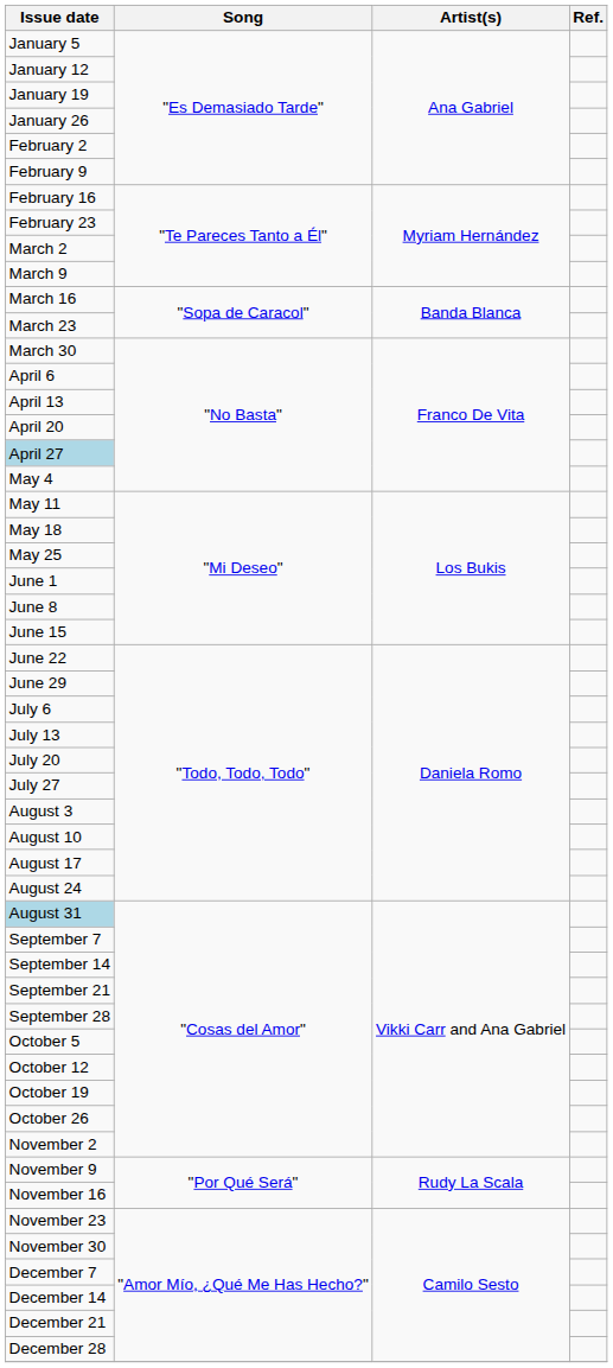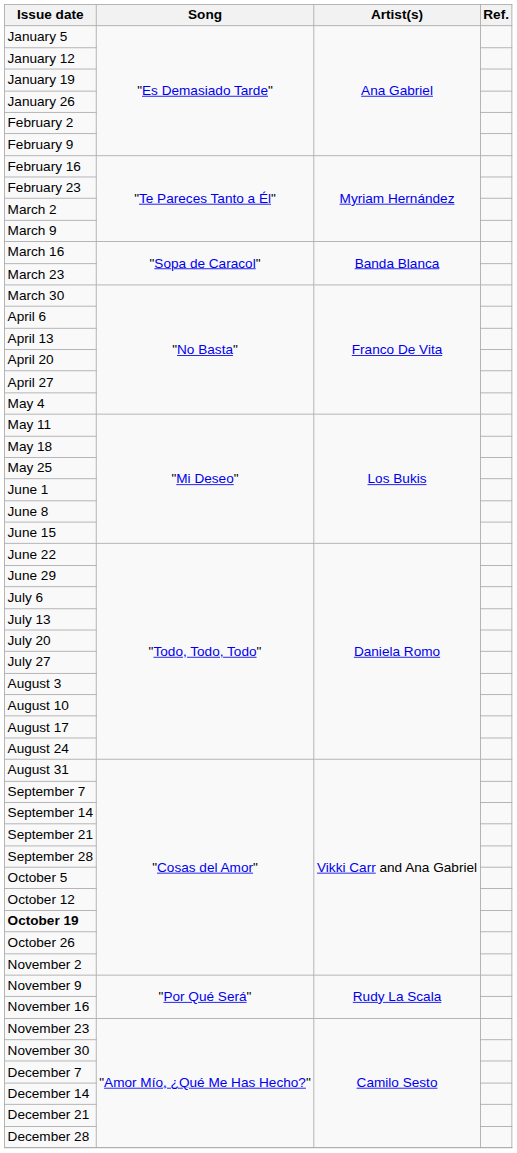 <table class="wikitable">
 <tr>
 <th style="text-align: center;">Issue date</th>
 <th style="text-align: center;">Song</th>
 <th style="text-align: center;">Artist(s)</th>
 <th style="text-align: center;">Ref.</th>
 </tr>
 <tr>
 <td>January 5</td>
 <td style="text-align: center;" rowspan="6">"<a href='#'>Es Demasiado Tarde</a>"</td>
 <td style="text-align: center;" rowspan="6"><a href='#'>Ana Gabriel</a></td>
 <td style="text-align: center;"></td>
 </tr>
 <tr>
 <td>January 12</td>
 <td style="text-align: center;"></td>
 </tr>
 <tr>
 <td>January 19</td>
 <td style="text-align: center;"></td>
 </tr>
 <tr>
 <td>January 26</td>
 <td style="text-align: center;"></td>
 </tr>
 <tr>
 <td>February 2</td>
 <td style="text-align: center;"></td>
 </tr>
 <tr>
 <td>February 9</td>
 <td style="text-align: center;"></td>
 </tr>
 <tr>
 <td>February 16</td>
 <td style="text-align: center;" rowspan="4">"<a href='#'>Te Pareces Tanto a Él</a>"</td>
 <td style="text-align: center;" rowspan="4"><a href='#'>Myriam Hernández</a></td>
 <td style="text-align: center;"></td>
 </tr>
 <tr>
 <td>February 23</td>
 <td style="text-align: center;"></td>
 </tr>
 <tr>
 <td>March 2</td>
 <td style="text-align: center;"></td>
 </tr>
 <tr>
 <td>March 9</td>
 <td style="text-align: center;"></td>
 </tr>
 <tr>
 <td>March 16</td>
 <td style="text-align: center;" rowspan="2">"<a href='#'>Sopa de Caracol</a>"</td>
 <td style="text-align: center;" rowspan="2"><a href='#'>Banda Blanca</a></td>
 <td style="text-align: center;"></td>
 </tr>
 <tr>
 <td>March 23</td>
 <td style="text-align: center;"></td>
 </tr>
 <tr>
 <td>March 30</td>
 <td style="text-align: center;" rowspan="6">"<a href='#'>No Basta</a>"</td>
 <td style="text-align: center;" rowspan="6"><a href='#'>Franco De Vita</a></td>
 <td style="text-align: center;"></td>
 </tr>
 <tr>
 <td>April 6</td>
 <td style="text-align: center;"></td>
 </tr>
 <tr>
 <td>April 13</td>
 <td style="text-align: center;"></td>
 </tr>
 <tr>
 <td>April 20</td>
 <td style="text-align: center;"></td>
 </tr>
 <tr>
-<td style="background: lightblue;">April 27</td>
+<td>April 27</td>
 <td style="text-align: center;"></td>
 </tr>
 <tr>
 <td>May 4</td>
 <td style="text-align: center;"></td>
 </tr>
 <tr>
 <td>May 11</td>
 <td style="text-align: center;" rowspan="6">"<a href='#'>Mi Deseo</a>"</td>
 <td style="text-align: center;" rowspan="6"><a href='#'>Los Bukis</a></td>
 <td style="text-align: center;"></td>
 </tr>
 <tr>
 <td>May 18</td>
 <td style="text-align: center;"></td>
 </tr>
 <tr>
 <td>May 25</td>
 <td style="text-align: center;"></td>
 </tr>
 <tr>
 <td>June 1</td>
 <td style="text-align: center;"></td>
 </tr>
 <tr>
 <td>June 8</td>
 <td style="text-align: center;"></td>
 </tr>
 <tr>
 <td>June 15</td>
 <td style="text-align: center;"></td>
 </tr>
 <tr>
 <td>June 22</td>
 <td style="text-align: center;" rowspan="10">"<a href='#'>Todo, Todo, Todo</a>"</td>
 <td style="text-align: center;" rowspan="10"><a href='#'>Daniela Romo</a></td>
 <td style="text-align: center;"></td>
 </tr>
 <tr>
 <td>June 29</td>
 <td style="text-align: center;"></td>
 </tr>
 <tr>
 <td>July 6</td>
 <td style="text-align: center;"></td>
 </tr>
 <tr>
 <td>July 13</td>
 <td style="text-align: center;"></td>
 </tr>
 <tr>
 <td>July 20</td>
 <td style="text-align: center;"></td>
 </tr>
 <tr>
 <td>July 27</td>
 <td style="text-align: center;"></td>
 </tr>
 <tr>
 <td>August 3</td>
 <td style="text-align: center;"></td>
 </tr>
 <tr>
 <td>August 10</td>
 <td style="text-align: center;"></td>
 </tr>
 <tr>
 <td>August 17</td>
 <td style="text-align: center;"></td>
 </tr>
 <tr>
 <td>August 24</td>
 <td style="text-align: center;"></td>
 </tr>
 <tr>
-<td style="background: lightblue;">August 31</td>
+<td>August 31</td>
 <td style="text-align: center;" rowspan="10">"<a href='#'>Cosas del Amor</a>"</td>
 <td style="text-align: center;" rowspan="10"><a href='#'>Vikki Carr</a> and Ana Gabriel</td>
 <td style="text-align: center;"></td>
 </tr>
 <tr>
 <td>September 7</td>
 <td style="text-align: center;"></td>
 </tr>
 <tr>
 <td>September 14</td>
 <td style="text-align: center;"></td>
 </tr>
 <tr>
 <td>September 21</td>
 <td style="text-align: center;"></td>
 </tr>
 <tr>
 <td>September 28</td>
 <td style="text-align: center;"></td>
 </tr>
 <tr>
 <td>October 5</td>
 <td style="text-align: center;"></td>
 </tr>
 <tr>
 <td>October 12</td>
 <td style="text-align: center;"></td>
 </tr>
 <tr>
-<td>October 19</td>
+<td><strong>October 19</strong></td>
 <td style="text-align: center;"></td>
 </tr>
 <tr>
 <td>October 26</td>
 <td style="text-align: center;"></td>
 </tr>
 <tr>
 <td>November 2</td>
 <td style="text-align: center;"></td>
 </tr>
 <tr>
 <td>November 9</td>
 <td style="text-align: center;" rowspan="2">"<a href='#'>Por Qué Será</a>"</td>
 <td style="text-align: center;" rowspan="2"><a href='#'>Rudy La Scala</a></td>
 <td style="text-align: center;"></td>
 </tr>
 <tr>
 <td>November 16</td>
 <td style="text-align: center;"></td>
 </tr>
 <tr>
 <td>November 23</td>
 <td style="text-align: center;" rowspan="6">"<a href='#'>Amor Mío, ¿Qué Me Has Hecho?</a>"</td>
 <td style="text-align: center;" rowspan="6"><a href='#'>Camilo Sesto</a></td>
 <td style="text-align: center;"></td>
 </tr>
 <tr>
 <td>November 30</td>
 <td style="text-align: center;"></td>
 </tr>
 <tr>
 <td>December 7</td>
 <td style="text-align: center;"></td>
 </tr>
 <tr>
 <td>December 14</td>
 <td style="text-align: center;"></td>
 </tr>
 <tr>
 <td>December 21</td>
 <td style="text-align: center;"></td>
 </tr>
 <tr>
 <td>December 28</td>
 <td style="text-align: center;"></td>
 </tr>
 <tr>
 </tr>
 </table>
